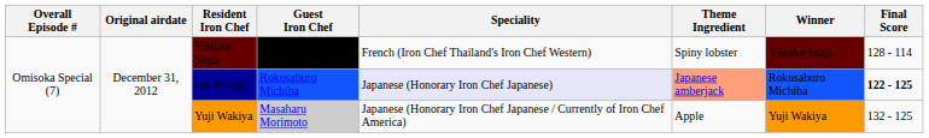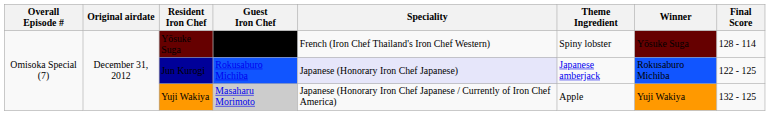 <table class="wikitable">
 <tr>
 <th>Overall<br>Episode #</th>
 <th>Original airdate</th>
 <th>Resident<br>Iron Chef</th>
 <th>Guest<br>Iron Chef</th>
 <th>Speciality</th>
 <th>Theme Ingredient</th>
 <th>Winner</th>
 <th>Final Score</th>
 </tr>
 <tr>
 <td align="center" rowspan=3>Omisoka Special (7)</td>
 <td align="center" rowspan=3>December 31, 2012</td>
 <td style="background:#660000;"><span>Yōsuke Suga </span></td>
 <td style="background:#000000;"><span> Ian Chalermkittichai</span></td>
 <td>French (Iron Chef Thailand's Iron Chef Western)</td>
 <td>Spiny lobster</td>
 <td style="background:#660000;"><span>Yōsuke Suga</span></td>
 <td>128 - 114</td>
 </tr>
 <tr>
 <td style="background:#000099;"><span>Jun Kurogi</span></td>
 <td style="background:#1155ff;"> <a href='#'><span>Rokusaburo Michiba</span></a></td>
 <td style="background: lavender;">Japanese (Honorary Iron Chef Japanese)</td>
-<td style="background: lightsalmon;"><a href='#'>Japanese amberjack</a></td>
+<td><a href='#'>Japanese amberjack</a></td>
 <td style="background:#1155ff;"><span>Rokusaburo Michiba</span></td>
-<td><strong>122 - 125</strong></td>
+<td>122 - 125</td>
 </tr>
 <tr>
 <td style="background:#FF9900;">Yuji Wakiya</td>
 <td style="background:#cccccc;"> <a href='#'>Masaharu Morimoto</a></td>
 <td>Japanese (Honorary Iron Chef Japanese / Currently of Iron Chef America)</td>
 <td>Apple</td>
 <td style="background:#FF9900;">Yuji Wakiya</td>
 <td>132 - 125</td>
 </tr>
 </table>
